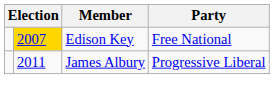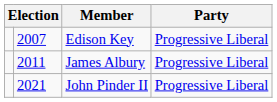 <table class="wikitable">
 <tr>
 <th colspan="2">Election</th>
 <th>Member</th>
 <th>Party</th>
 </tr>
 <tr>
 <td style="background-color: "></td>
-<td style="background: gold;"><a href='#'>2007</a></td>
+<td><a href='#'>2007</a></td>
 <td><a href='#'>Edison Key</a></td>
-<td><a href='#'>Free National</a></td>
+<td><a href='#'>Progressive Liberal</a></td>
 </tr>
 <tr>
 <td style="background-color: "></td>
 <td><a href='#'>2011</a></td>
 <td><a href='#'>James Albury</a></td>
 <td><a href='#'>Progressive Liberal</a></td>
 </tr>
+<tr>
+<td style="background-color: "></td>
+<td><a href='#'>2021</a></td>
+<td><a href='#'>John Pinder II</a></td>
+<td><a href='#'>Progressive Liberal</a></td>
+</tr>
 </table>
